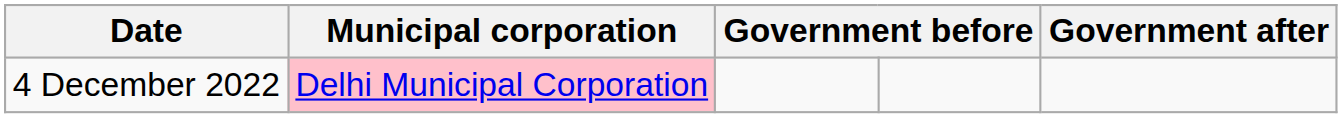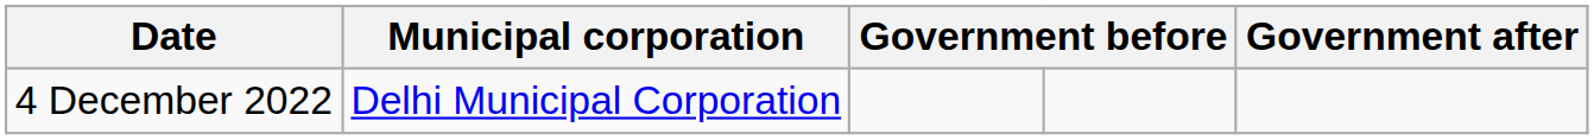 <table class="wikitable sortable">
 <tr>
 <th>Date</th>
 <th>Municipal corporation</th>
 <th colspan="2">Government before</th>
 <th colspan="2">Government after</th>
 </tr>
 <tr>
 <td>4 December 2022</td>
-<td style="background: pink;"><a href='#'>Delhi Municipal Corporation</a></td>
+<td><a href='#'>Delhi Municipal Corporation</a></td>
 <td></td>
 <td></td>
 </tr>
 </table>
